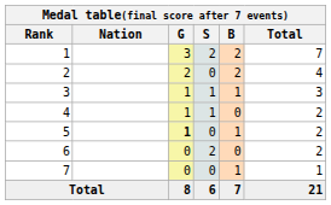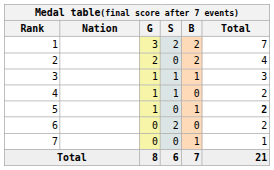 <table class="wikitable" style="background-color:#FFFFFF; width:350px;">
 <tr bgcolor="#efefef">
 <th colspan="6">Medal table<small>(final score after 7 events)</small></th>
 </tr>
 <tr style="background:#efefef;" align="center">
 <th>Rank</th>
 <th align="left">Nation</th>
 <th>G</th>
 <th>S</th>
 <th>B</th>
 <th>Total</th>
 </tr>
 <tr bgcolor="#FFFFFF" align="right">
 <td>1</td>
 <td style="text-align:left;"></td>
 <td style="background:#F7F6A8;">3</td>
 <td style="background:#DCE5E5;">2</td>
 <td style="background:#FFDAB9;">2</td>
 <td>7</td>
 </tr>
 <tr bgcolor="#FFFFFF" align="right">
 <td>2</td>
 <td style="text-align:left;"></td>
 <td style="background:#F7F6A8;">2</td>
 <td style="background:#DCE5E5;">0</td>
 <td style="background:#FFDAB9;">2</td>
 <td>4</td>
 </tr>
 <tr bgcolor="#FFFFFF" align="right">
 <td>3</td>
 <td style="text-align:left;"></td>
 <td style="background:#F7F6A8;">1</td>
 <td style="background:#DCE5E5;">1</td>
 <td style="background:#FFDAB9;">1</td>
 <td>3</td>
 </tr>
 <tr bgcolor="#FFFFFF" align="right">
 <td>4</td>
 <td style="text-align:left;"></td>
 <td style="background:#F7F6A8;">1</td>
 <td style="background:#DCE5E5;">1</td>
 <td style="background:#FFDAB9;">0</td>
 <td>2</td>
 </tr>
 <tr bgcolor="#FFFFFF" align="right">
 <td>5</td>
 <td style="text-align:left;"></td>
-<td style="background:#F7F6A8;"><strong>1</strong></td>
+<td style="background:#F7F6A8;">1</td>
 <td style="background:#DCE5E5;">0</td>
 <td style="background:#FFDAB9;">1</td>
-<td>2</td>
+<td><strong>2</strong></td>
 </tr>
 <tr bgcolor="#FFFFFF" align="right">
 <td>6</td>
 <td style="text-align:left;"></td>
 <td style="background:#F7F6A8;">0</td>
 <td style="background:#DCE5E5;">2</td>
 <td style="background:#FFDAB9;">0</td>
 <td>2</td>
 </tr>
 <tr bgcolor="#FFFFFF" align="right">
 <td>7</td>
 <td style="text-align:left;"></td>
 <td style="background:#F7F6A8;">0</td>
 <td style="background:#DCE5E5;">0</td>
 <td style="background:#FFDAB9;">1</td>
 <td>1</td>
 </tr>
 <tr style="background:#efefef;">
 <td colspan=2 align="center"><strong>Total</strong></td>
 <td align="right"><strong>8</strong></td>
 <td align="right"><strong>6</strong></td>
 <td align="right"><strong>7</strong></td>
 <td align="right"><strong>21</strong></td>
 </tr>
 </table>
